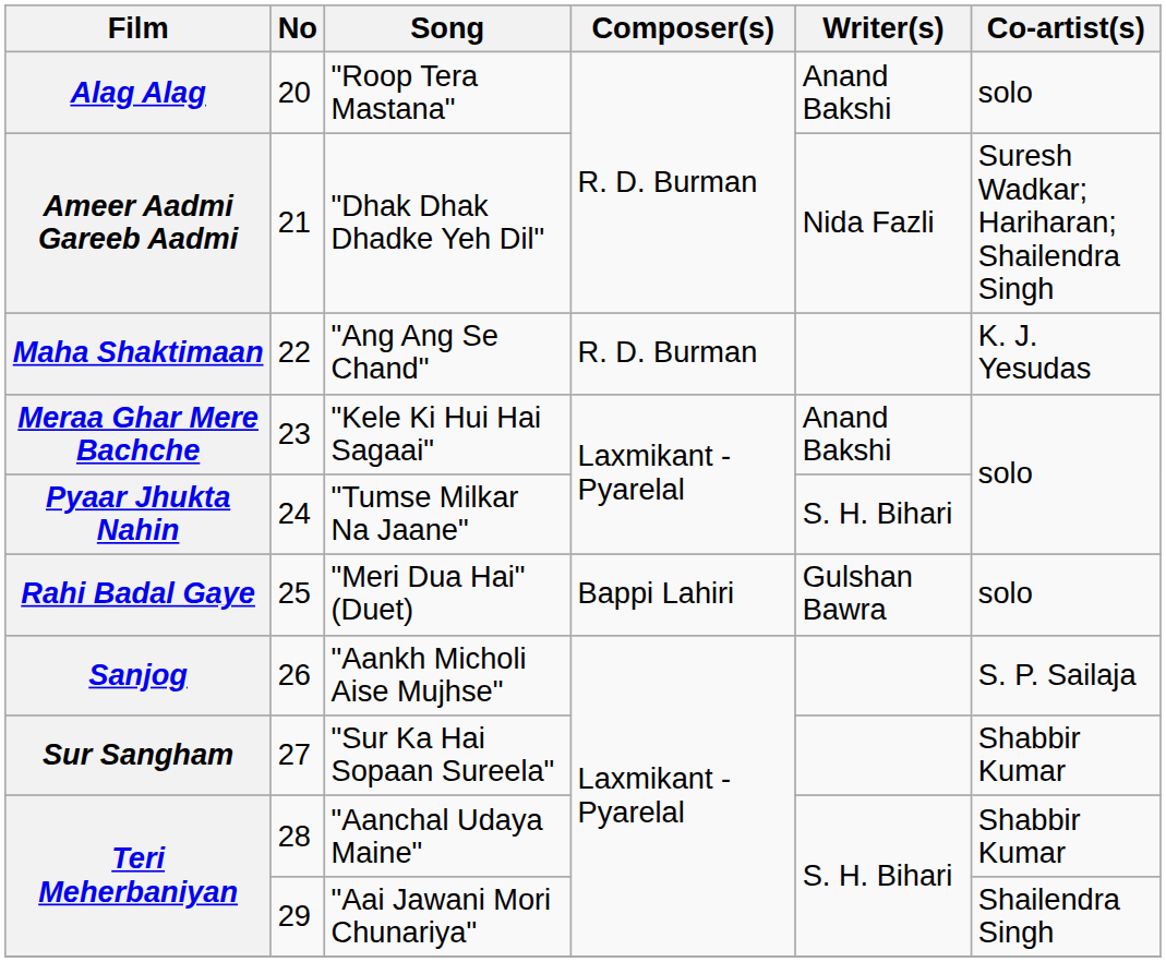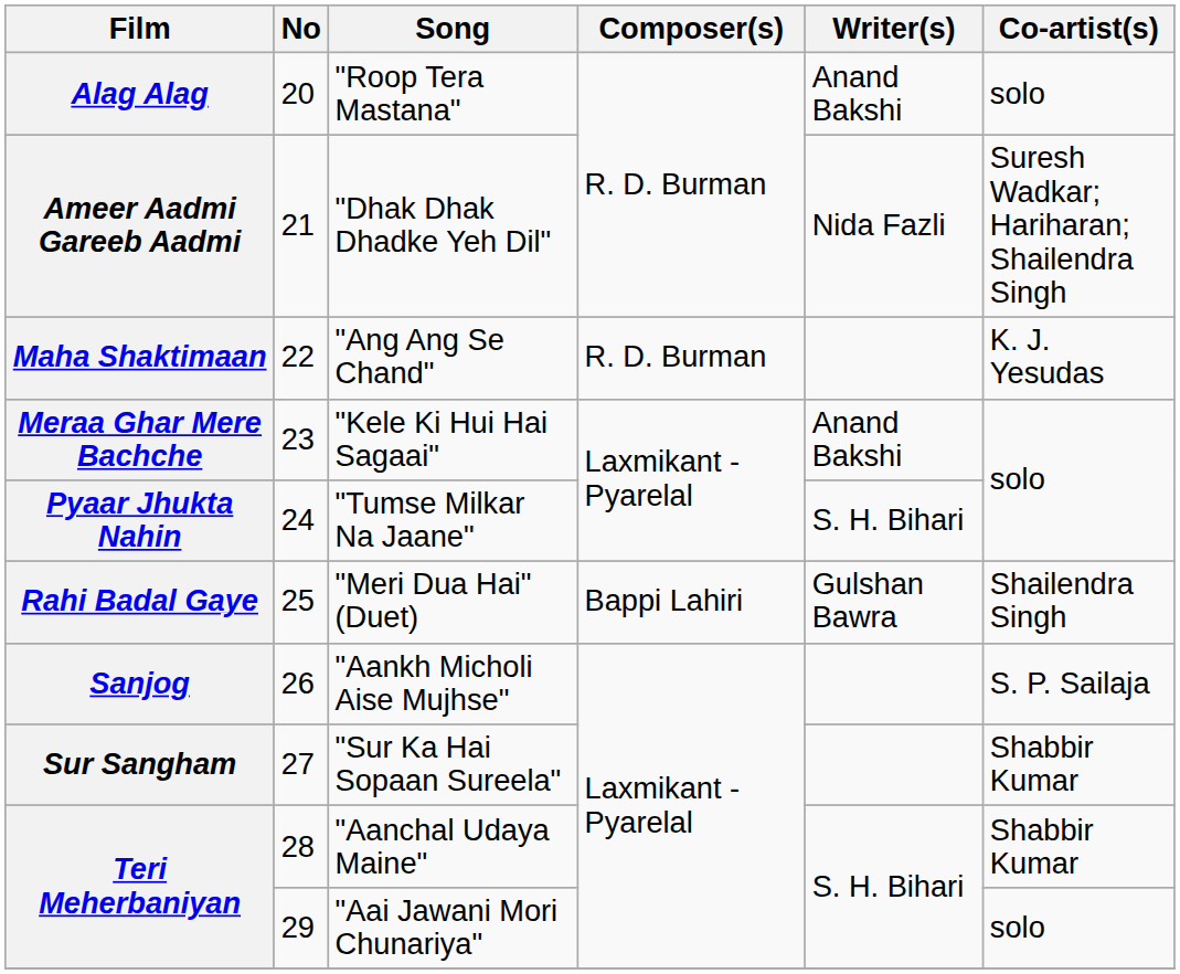 <table class="wikitable plainrowheaders" style="width:100%; textcolor:#000">
 <tr>
 <th scope="col" style="width:24%;">Film</th>
 <th>No</th>
 <th scope="col" style="width:23%;">Song</th>
 <th scope="col" style="width:20%;">Composer(s)</th>
 <th scope="col" style="width:16%;">Writer(s)</th>
 <th scope="col" style="width:18%;">Co-artist(s)</th>
 </tr>
 <tr>
 <th><em><a href='#'>Alag Alag</a></em></th>
 <td>20</td>
 <td>"Roop Tera Mastana"</td>
 <td rowspan=2>R. D. Burman</td>
 <td>Anand Bakshi</td>
 <td>solo</td>
 </tr>
 <tr>
 <th><em>Ameer Aadmi Gareeb Aadmi</em></th>
 <td>21</td>
 <td>"Dhak Dhak Dhadke Yeh Dil"</td>
 <td>Nida Fazli</td>
 <td>Suresh Wadkar; Hariharan; Shailendra Singh</td>
 </tr>
 <tr>
 <th><em><a href='#'>Maha Shaktimaan</a></em></th>
 <td>22</td>
 <td>"Ang Ang Se Chand"</td>
 <td>R. D. Burman</td>
 <td></td>
 <td>K. J. Yesudas</td>
 </tr>
 <tr>
 <th><em><a href='#'>Meraa Ghar Mere Bachche</a></em></th>
 <td>23</td>
 <td>"Kele Ki Hui Hai Sagaai"</td>
 <td rowspan=2>Laxmikant - Pyarelal</td>
 <td>Anand Bakshi</td>
 <td rowspan=2>solo</td>
 </tr>
 <tr>
 <th><em><a href='#'>Pyaar Jhukta Nahin</a></em></th>
 <td>24</td>
 <td>"Tumse Milkar Na Jaane"</td>
 <td>S. H. Bihari</td>
 </tr>
 <tr>
 <th><em><a href='#'>Rahi Badal Gaye</a></em></th>
 <td>25</td>
 <td>"Meri Dua Hai" (Duet)</td>
 <td>Bappi Lahiri</td>
 <td>Gulshan Bawra</td>
-<td>solo</td>
+<td>Shailendra Singh</td>
 </tr>
 <tr>
 <th><em><a href='#'>Sanjog</a></em></th>
 <td>26</td>
 <td>"Aankh Micholi Aise Mujhse"</td>
 <td rowspan=4>Laxmikant - Pyarelal</td>
 <td></td>
 <td>S. P. Sailaja</td>
 </tr>
 <tr>
 <th><em>Sur Sangham</em></th>
 <td>27</td>
 <td>"Sur Ka Hai Sopaan Sureela"</td>
 <td></td>
 <td>Shabbir Kumar</td>
 </tr>
 <tr>
 <th rowspan=2><em><a href='#'>Teri Meherbaniyan</a></em></th>
 <td>28</td>
 <td>"Aanchal Udaya Maine"</td>
 <td rowspan=2>S. H. Bihari</td>
 <td>Shabbir Kumar</td>
 </tr>
 <tr>
 <td>29</td>
 <td>"Aai Jawani Mori Chunariya"</td>
-<td>Shailendra Singh</td>
+<td>solo</td>
 </tr>
 <tr>
 </tr>
 </table>
